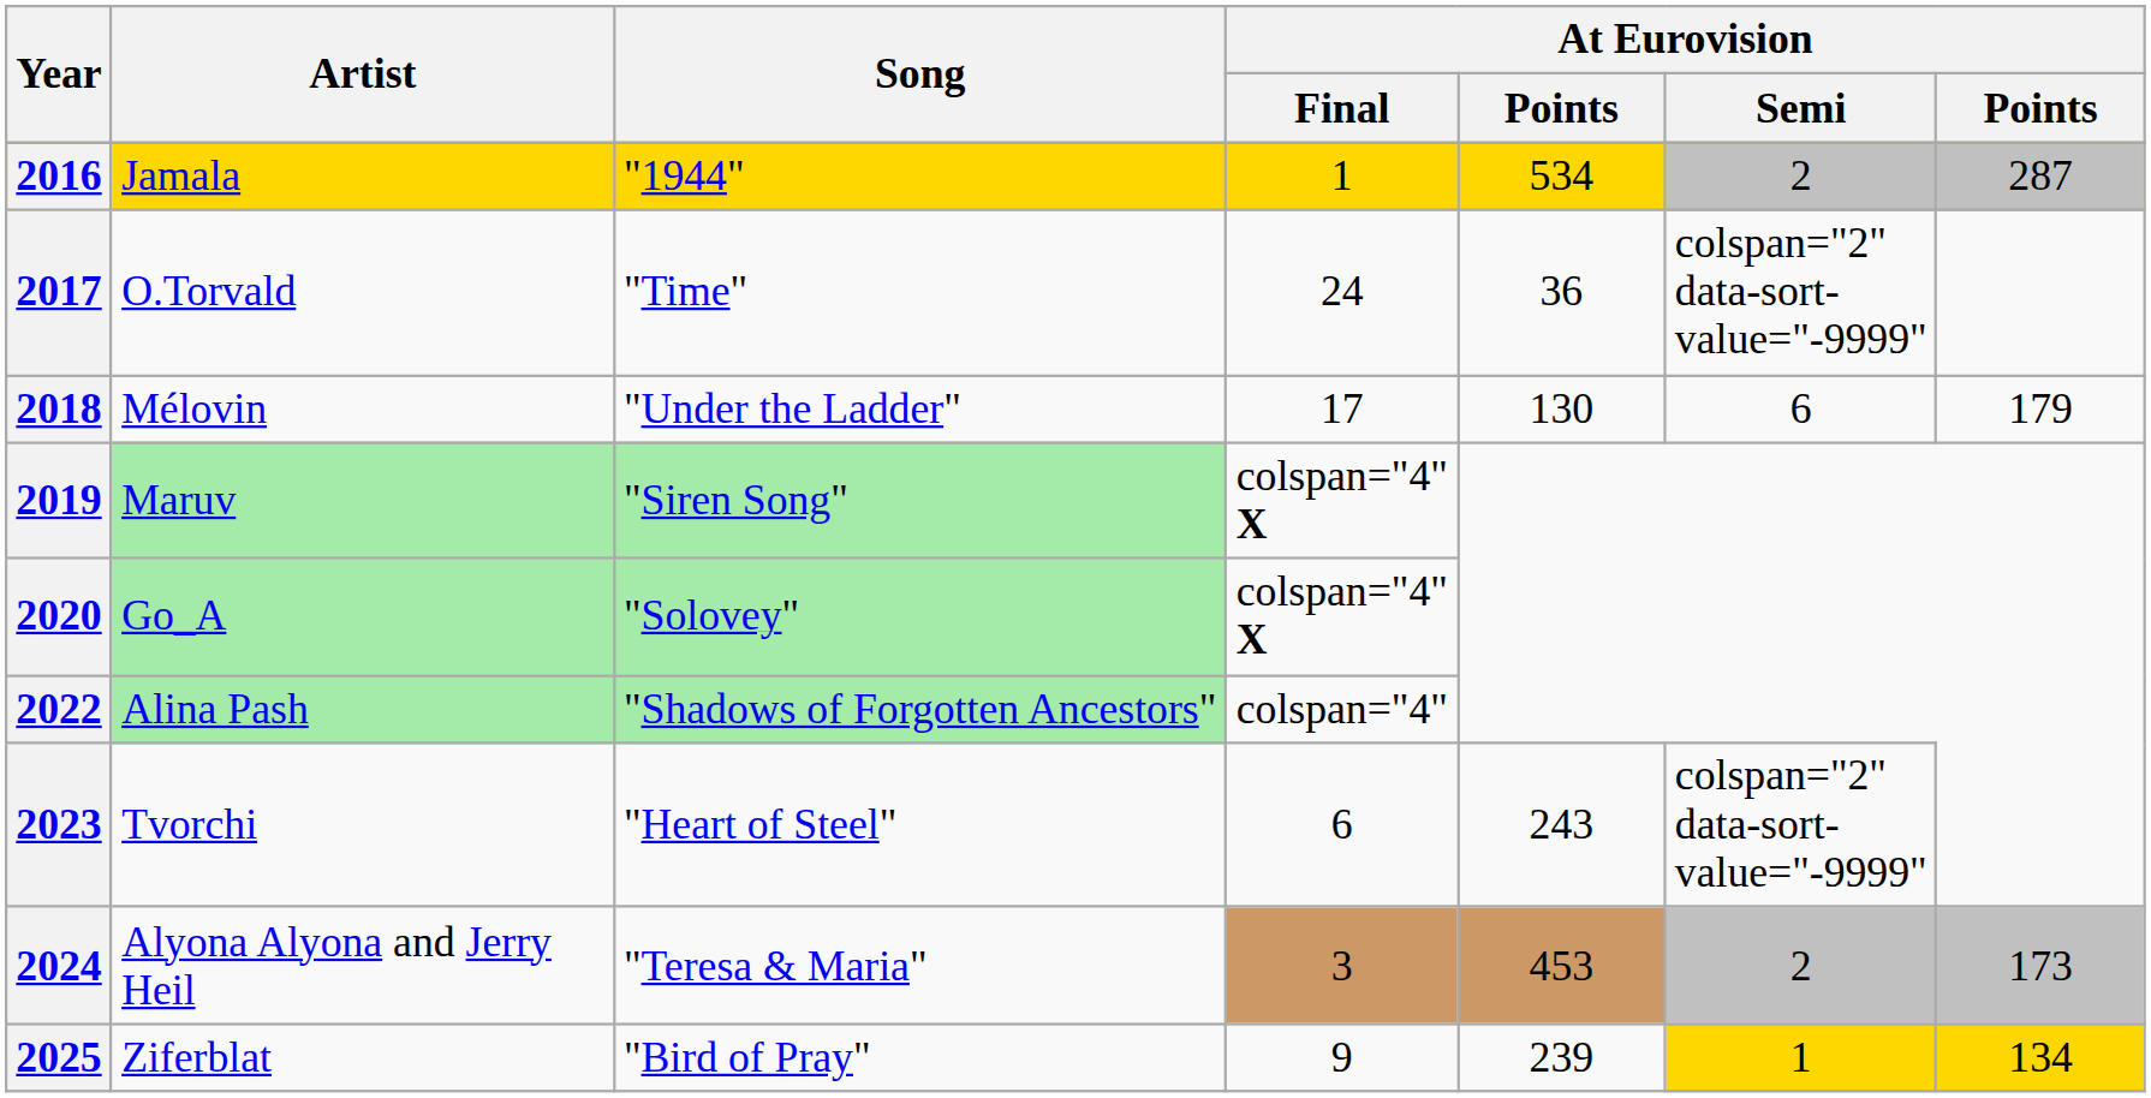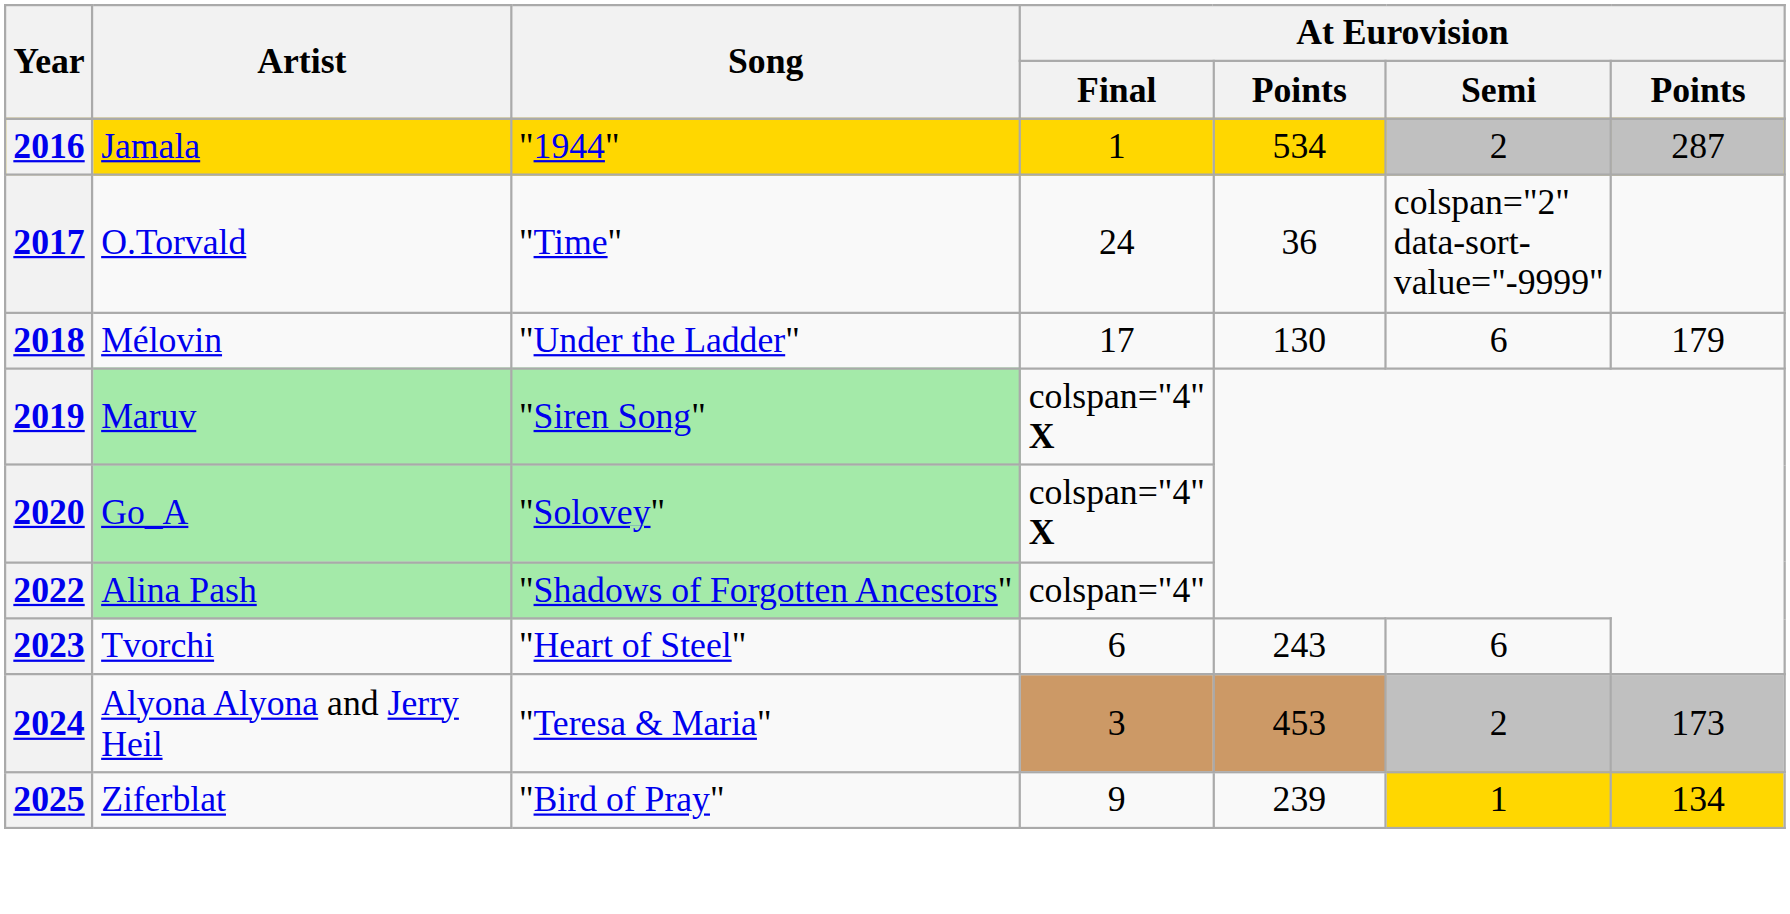 <table class="wikitable sortable">
 <tr>
 <th rowspan="2">Year</th>
 <th style="width:180px;" rowspan="2">Artist</th>
 <th rowspan="2">Song</th>
 <th colspan="4">At Eurovision</th>
 </tr>
 <tr>
 <th style="width:70px;">Final</th>
 <th style="width:70px;">Points</th>
 <th style="width:70px;">Semi</th>
 <th style="width:70px;">Points</th>
 </tr>
 <tr>
 </tr>
 <tr style="background:gold">
 <th><a href='#'>2016</a></th>
 <td><a href='#'>Jamala</a></td>
 <td>"<a href='#'>1944</a>"</td>
 <td style="text-align:center;">1</td>
 <td style="text-align:center;">534</td>
 <td style="background:silver; text-align:center;">2</td>
 <td style="background:silver; text-align:center;">287</td>
 </tr>
 <tr>
 <th><a href='#'>2017</a></th>
 <td><a href='#'>O.Torvald</a></td>
 <td>"<a href='#'>Time</a>"</td>
 <td style="text-align:center;">24</td>
 <td style="text-align:center;">36</td>
 <td>colspan="2" data-sort-value="-9999" </td>
 </tr>
 <tr>
 <th><a href='#'>2018</a></th>
 <td><a href='#'>Mélovin</a></td>
 <td>"<a href='#'>Under the Ladder</a>"</td>
 <td style="text-align:center;">17</td>
 <td style="text-align:center;">130</td>
 <td style="text-align:center;">6</td>
 <td style="text-align:center;">179</td>
 </tr>
 <tr>
 <th><a href='#'>2019</a></th>
 <td style="background:#A4EAA9"><a href='#'>Maruv</a></td>
 <td style="background:#A4EAA9">"<a href='#'>Siren Song</a>"</td>
 <td>colspan="4"  <strong>X</strong></td>
 </tr>
 <tr>
 <th><a href='#'>2020</a></th>
 <td style="background:#A4EAA9"><a href='#'>Go_A</a></td>
 <td style="background:#A4EAA9">"<a href='#'>Solovey</a>"</td>
 <td>colspan="4"  <strong>X</strong></td>
 </tr>
 <tr>
 <th><a href='#'>2022</a></th>
 <td style="background:#A4EAA9"><a href='#'>Alina Pash</a></td>
 <td style="background:#A4EAA9">"<a href='#'>Shadows of Forgotten Ancestors</a>"</td>
 <td>colspan="4" </td>
 </tr>
 <tr>
 <th><a href='#'>2023</a></th>
 <td><a href='#'>Tvorchi</a></td>
 <td>"<a href='#'>Heart of Steel</a>"</td>
 <td style="text-align:center;">6</td>
 <td style="text-align:center;">243</td>
-<td>colspan="2" data-sort-value="-9999" </td>
+<td style="text-align:center;">6</td>
 </tr>
 <tr>
 <th><a href='#'>2024</a></th>
 <td><a href='#'>Alyona Alyona</a> and <a href='#'>Jerry Heil</a></td>
 <td>"<a href='#'>Teresa & Maria</a>"</td>
 <td style="background:#c96; text-align:center;">3</td>
 <td style="background:#c96; text-align:center;">453</td>
 <td style="background:silver; text-align:center;">2</td>
 <td style="background:silver; text-align:center;">173</td>
 </tr>
 <tr>
 <th><a href='#'>2025</a></th>
 <td><a href='#'>Ziferblat</a></td>
 <td>"<a href='#'>Bird of Pray</a>"</td>
 <td style="text-align:center;">9</td>
 <td style="text-align:center;">239</td>
 <td style="background:gold; text-align:center;">1</td>
 <td style="background:gold; text-align:center;">134</td>
 </tr>
 </table>
